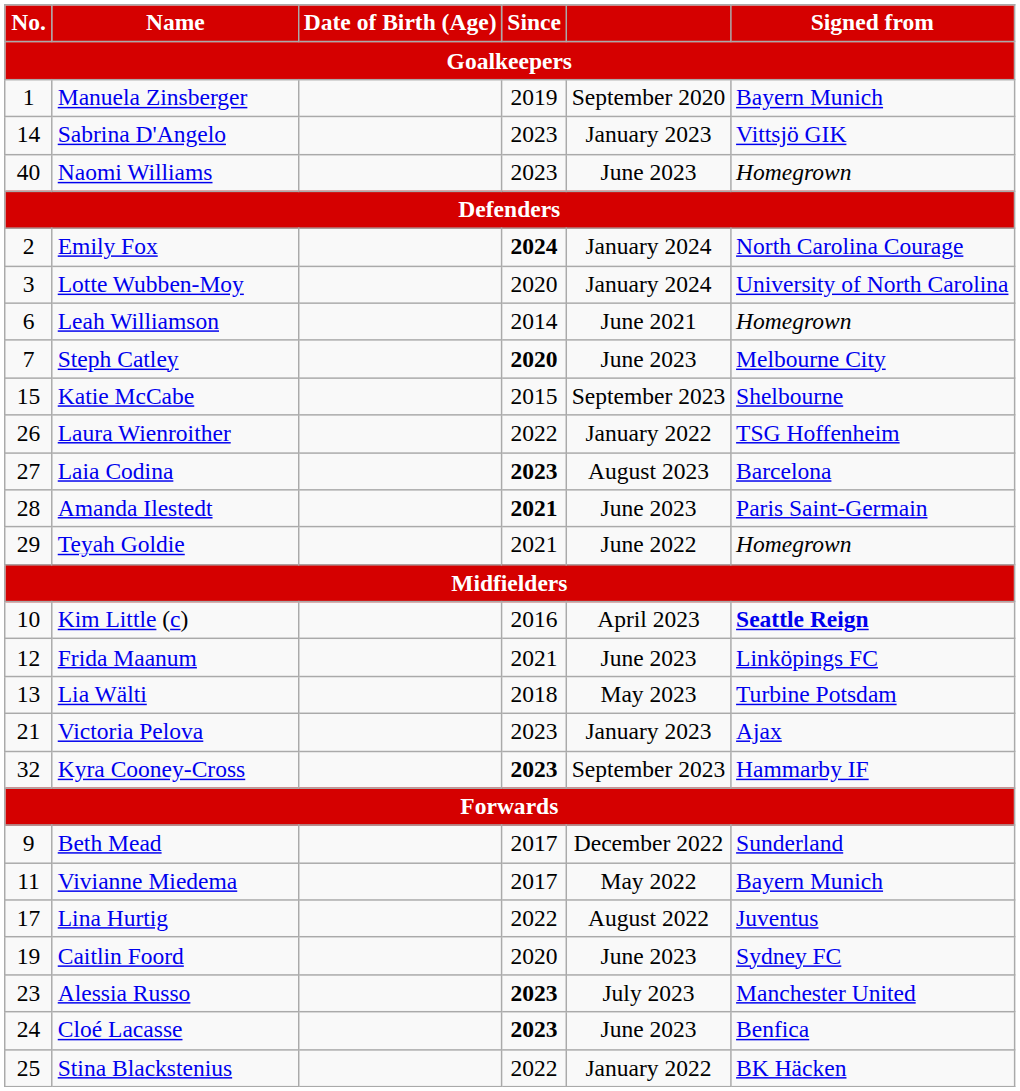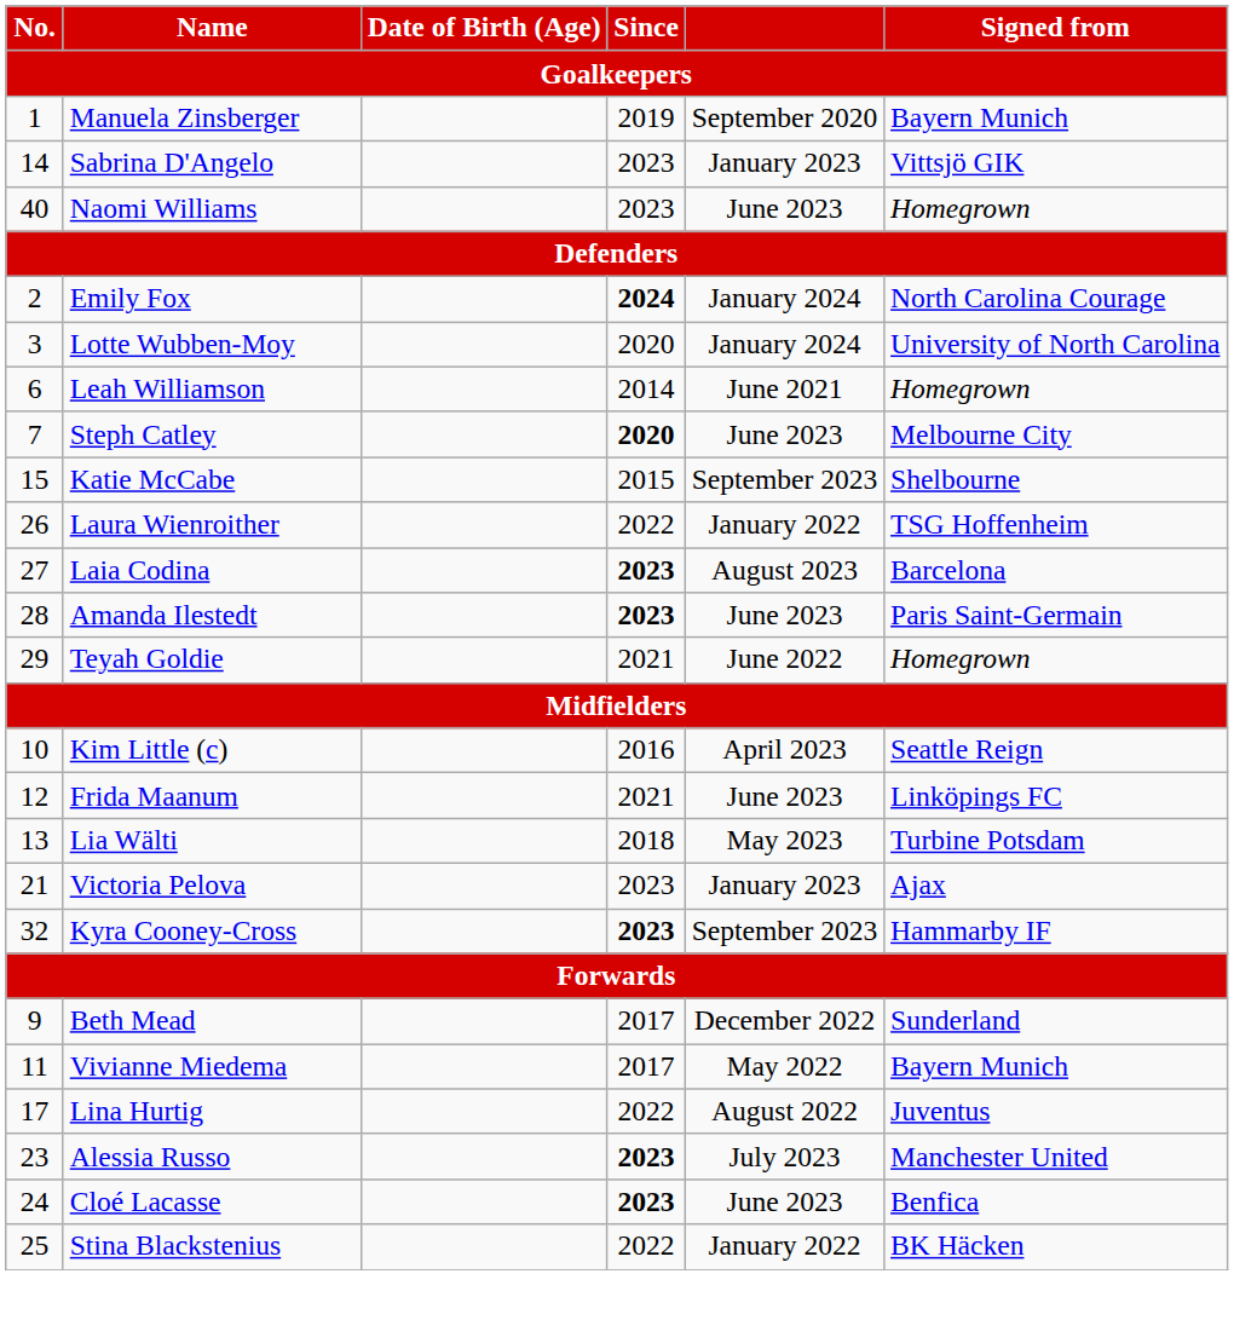 <table class="wikitable" style="text-align:center; font-size:100%; ">
 <tr>
 <th style="background:#d50000; color:white; text-align:center; width:25px;">No.</th>
 <th style="background:#d50000; color:white; text-align:center; width:160px;">Name</th>
 <th style="background:#d50000; color:white; text-align:center;">Date of Birth (Age)</th>
 <th style="background:#d50000; color:white; text-align:center;">Since</th>
 <th style="background:#d50000; color:white; text-align:center;"></th>
 <th style="background:#d50000; color:white; text-align:center;">Signed from</th>
 </tr>
 <tr>
 <th colspan="6" style="background:#d50000; color:white; text-align:center;">Goalkeepers</th>
 </tr>
 <tr>
 <td>1</td>
 <td align="left"> <a href='#'>Manuela Zinsberger</a></td>
 <td></td>
 <td>2019</td>
 <td>September 2020</td>
 <td align="left"> <a href='#'>Bayern Munich</a></td>
 </tr>
 <tr>
 <td>14</td>
 <td align="left"> <a href='#'>Sabrina D'Angelo</a></td>
 <td></td>
 <td>2023</td>
 <td>January 2023</td>
 <td align="left"> <a href='#'>Vittsjö GIK</a></td>
 </tr>
 <tr>
 <td>40</td>
 <td align="left"> <a href='#'>Naomi Williams</a></td>
 <td></td>
 <td>2023</td>
 <td>June 2023</td>
 <td align="left"><em>Homegrown</em></td>
 </tr>
 <tr>
 <th colspan="6" style="background:#d50000; color:white; text-align:center;">Defenders</th>
 </tr>
 <tr>
 <td>2</td>
 <td align="left"> <a href='#'>Emily Fox</a></td>
 <td></td>
 <td><strong>2024</strong></td>
 <td>January 2024</td>
 <td align="left"> <a href='#'>North Carolina Courage</a></td>
 </tr>
 <tr>
 <td>3</td>
 <td align="left"> <a href='#'>Lotte Wubben-Moy</a></td>
 <td></td>
 <td>2020</td>
 <td>January 2024</td>
 <td align="left"> <a href='#'>University of North Carolina</a></td>
 </tr>
 <tr>
 <td>6</td>
 <td align="left"> <a href='#'>Leah Williamson</a></td>
 <td></td>
 <td>2014</td>
 <td>June 2021</td>
 <td align="left"><em>Homegrown</em></td>
 </tr>
 <tr>
 <td>7</td>
 <td align="left"> <a href='#'>Steph Catley</a></td>
 <td></td>
 <td><strong>2020</strong></td>
 <td>June 2023</td>
 <td align="left"> <a href='#'>Melbourne City</a></td>
 </tr>
 <tr>
 <td>15</td>
 <td align="left"> <a href='#'>Katie McCabe</a></td>
 <td></td>
 <td>2015</td>
 <td>September 2023</td>
 <td align="left"> <a href='#'>Shelbourne</a></td>
 </tr>
 <tr>
 <td>26</td>
 <td align="left"> <a href='#'>Laura Wienroither</a></td>
 <td></td>
 <td>2022</td>
 <td>January 2022</td>
 <td align="left"> <a href='#'>TSG Hoffenheim</a></td>
 </tr>
 <tr>
 <td>27</td>
 <td align="left"> <a href='#'>Laia Codina</a></td>
 <td></td>
 <td><strong>2023</strong></td>
 <td>August 2023</td>
 <td align="left"> <a href='#'>Barcelona</a></td>
 </tr>
 <tr>
 <td>28</td>
 <td align="left"> <a href='#'>Amanda Ilestedt</a></td>
 <td></td>
-<td><strong>2021</strong></td>
+<td><strong>2023</strong></td>
 <td>June 2023</td>
 <td align="left"> <a href='#'>Paris Saint-Germain</a></td>
 </tr>
 <tr>
 <td>29</td>
 <td align="left"> <a href='#'>Teyah Goldie</a></td>
 <td></td>
 <td>2021</td>
 <td>June 2022</td>
 <td align="left"><em>Homegrown</em></td>
 </tr>
 <tr>
 <th colspan="6" style="background:#d50000; color:white; text-align:center;">Midfielders</th>
 </tr>
 <tr>
 <td>10</td>
 <td align="left"> <a href='#'>Kim Little</a> (<a href='#'>c</a>)</td>
 <td></td>
 <td>2016</td>
 <td>April 2023</td>
-<td align="left"><strong> <a href='#'>Seattle Reign</a></strong></td>
+<td align="left"> <a href='#'>Seattle Reign</a></td>
 </tr>
 <tr>
 <td>12</td>
 <td align="left"> <a href='#'>Frida Maanum</a></td>
 <td></td>
 <td>2021</td>
 <td>June 2023</td>
 <td align="left"> <a href='#'>Linköpings FC</a></td>
 </tr>
 <tr>
 <td>13</td>
 <td align="left"> <a href='#'>Lia Wälti</a></td>
 <td></td>
 <td>2018</td>
 <td>May 2023</td>
 <td align="left"> <a href='#'>Turbine Potsdam</a></td>
 </tr>
 <tr>
 <td>21</td>
 <td align="left"> <a href='#'>Victoria Pelova</a></td>
 <td></td>
 <td>2023</td>
 <td>January 2023</td>
 <td align="left"> <a href='#'>Ajax</a><br></td>
 </tr>
 <tr>
 <td>32</td>
 <td align="left"> <a href='#'>Kyra Cooney-Cross</a></td>
 <td></td>
 <td><strong>2023</strong></td>
 <td>September 2023</td>
 <td align="left"> <a href='#'>Hammarby IF</a></td>
 </tr>
 <tr>
 <th colspan="6" style="background:#d50000; color:white; text-align:center;">Forwards</th>
 </tr>
 <tr>
 <td>9</td>
 <td align="left"> <a href='#'>Beth Mead</a></td>
 <td></td>
 <td>2017</td>
 <td>December 2022</td>
 <td align="left"> <a href='#'>Sunderland</a></td>
 </tr>
 <tr>
 <td>11</td>
 <td align="left"> <a href='#'>Vivianne Miedema</a></td>
 <td></td>
 <td>2017</td>
 <td>May 2022</td>
 <td align="left"> <a href='#'>Bayern Munich</a></td>
 </tr>
 <tr>
 <td>17</td>
 <td align="left"> <a href='#'>Lina Hurtig</a></td>
 <td></td>
 <td>2022</td>
 <td>August 2022</td>
 <td align="left"> <a href='#'>Juventus</a></td>
 </tr>
 <tr>
-<td>19</td>
-<td align="left"> <a href='#'>Caitlin Foord</a></td>
-<td></td>
-<td>2020</td>
-<td>June 2023</td>
-<td align="left"> <a href='#'>Sydney FC</a><br></td>
-</tr>
-<tr>
 <td>23</td>
 <td align="left"> <a href='#'>Alessia Russo</a></td>
 <td></td>
 <td><strong>2023</strong></td>
 <td>July 2023</td>
 <td align="left"> <a href='#'>Manchester United</a></td>
 </tr>
 <tr>
 <td>24</td>
 <td align="left"> <a href='#'>Cloé Lacasse</a></td>
 <td></td>
 <td><strong>2023</strong></td>
 <td>June 2023</td>
 <td align="left"> <a href='#'>Benfica</a></td>
 </tr>
 <tr>
 <td>25</td>
 <td align="left"> <a href='#'>Stina Blackstenius</a></td>
 <td></td>
 <td>2022</td>
 <td>January 2022</td>
 <td align="left"> <a href='#'>BK Häcken</a></td>
 </tr>
 </table>
